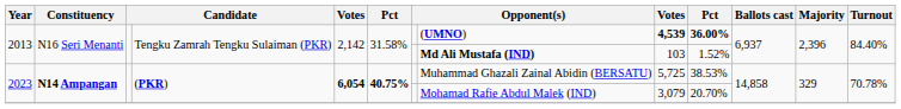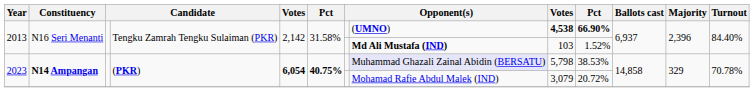 <table class="wikitable" style="margin:0.5em ; font-size:95%">
 <tr>
 <th>Year</th>
 <th>Constituency</th>
 <th colspan=2>Candidate</th>
 <th>Votes</th>
 <th>Pct</th>
 <th colspan=2>Opponent(s)</th>
 <th>Votes</th>
 <th>Pct</th>
 <th>Ballots cast</th>
 <th>Majority</th>
 <th>Turnout</th>
 </tr>
 <tr>
 <td rowspan=2>2013</td>
 <td rowspan=2>N16 <a href='#'>Seri Menanti</a></td>
 <td rowspan=2 ></td>
 <td rowspan=2>Tengku Zamrah Tengku Sulaiman (<a href='#'>PKR</a>)</td>
 <td rowspan=2 align=right>2,142</td>
 <td rowspan=2>31.58%</td>
 <td></td>
 <td> (<a href='#'><strong>UMNO</strong></a>)</td>
-<td align=right><strong>4,539</strong></td>
-<td><strong>36.00%</strong></td>
+<td align=right><strong>4,538</strong></td>
+<td><strong>66.90%</strong></td>
 <td rowspan=2>6,937</td>
 <td rowspan=2>2,396</td>
 <td rowspan=2>84.40%</td>
 </tr>
 <tr>
 <td></td>
 <td><strong>Md Ali Mustafa (<a href='#'>IND</a>)</strong></td>
 <td align=right>103</td>
 <td align=right>1.52%</td>
 </tr>
 <tr>
 <td rowspan=2><a href='#'>2023</a></td>
 <td rowspan=2><strong>N14 <a href='#'>Ampangan</a></strong></td>
 <td rowspan=2 ></td>
 <td rowspan=2> (<a href='#'><strong>PKR</strong></a>)</td>
 <td rowspan=2 align=right><strong>6,054</strong></td>
 <td rowspan=2><strong>40.75%</strong></td>
 <td bgcolor=></td>
-<td>Muhammad Ghazali Zainal Abidin (<a href='#'>BERSATU</a>)</td>
-<td align=right>5,725</td>
+<td style="background: lavender;">Muhammad Ghazali Zainal Abidin (<a href='#'>BERSATU</a>)</td>
+<td align=right>5,798</td>
 <td>38.53%</td>
 <td rowspan=2>14,858</td>
 <td rowspan=2>329</td>
 <td rowspan=2>70.78%</td>
 </tr>
 <tr>
 <td></td>
 <td><a href='#'>Mohamad Rafie Abdul Malek</a> (<a href='#'>IND</a>)</td>
 <td align=right>3,079</td>
-<td>20.70%</td>
+<td>20.72%</td>
 </tr>
 <tr>
 </tr>
 </table>
